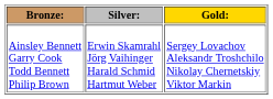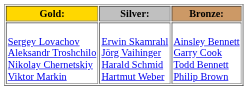 <table border="1" Cellpadding="2">
 <tr>
+<td style="text-align:center;background-color:gold;"><strong>Gold:</strong></td>
+<td style="text-align:center;background-color:silver;"><strong>Silver:</strong></td>
 <td style="text-align:center;background-color:#CC9966;"><strong>Bronze:</strong></td>
-<td style="text-align:center;background-color:silver;"><strong>Silver:</strong></td>
-<td style="text-align:center;background-color:gold;"><strong>Gold:</strong></td>
 </tr>
 <tr>
+<td><br><a href='#'>Sergey Lovachov</a><br><a href='#'>Aleksandr Troshchilo</a><br><a href='#'>Nikolay Chernetskiy</a><br><a href='#'>Viktor Markin</a></td>
+<td><br><a href='#'>Erwin Skamrahl</a><br><a href='#'>Jörg Vaihinger</a><br><a href='#'>Harald Schmid</a><br><a href='#'>Hartmut Weber</a></td>
 <td><br><a href='#'>Ainsley Bennett</a><br><a href='#'>Garry Cook</a><br><a href='#'>Todd Bennett</a><br><a href='#'>Philip Brown</a></td>
-<td><br><a href='#'>Erwin Skamrahl</a><br><a href='#'>Jörg Vaihinger</a><br><a href='#'>Harald Schmid</a><br><a href='#'>Hartmut Weber</a></td>
-<td><br><a href='#'>Sergey Lovachov</a><br><a href='#'>Aleksandr Troshchilo</a><br><a href='#'>Nikolay Chernetskiy</a><br><a href='#'>Viktor Markin</a></td>
 </tr>
 </table>
